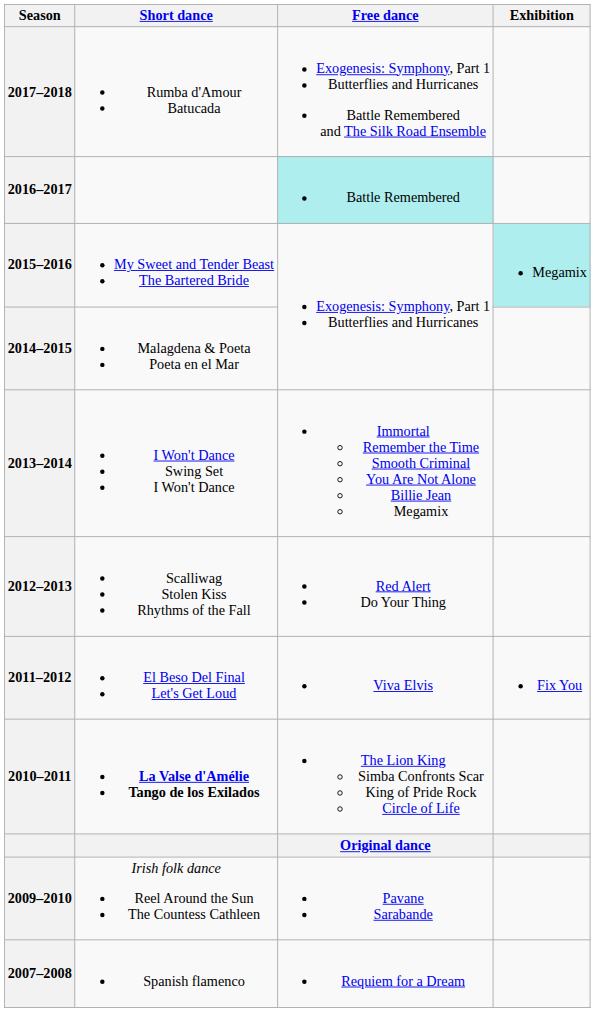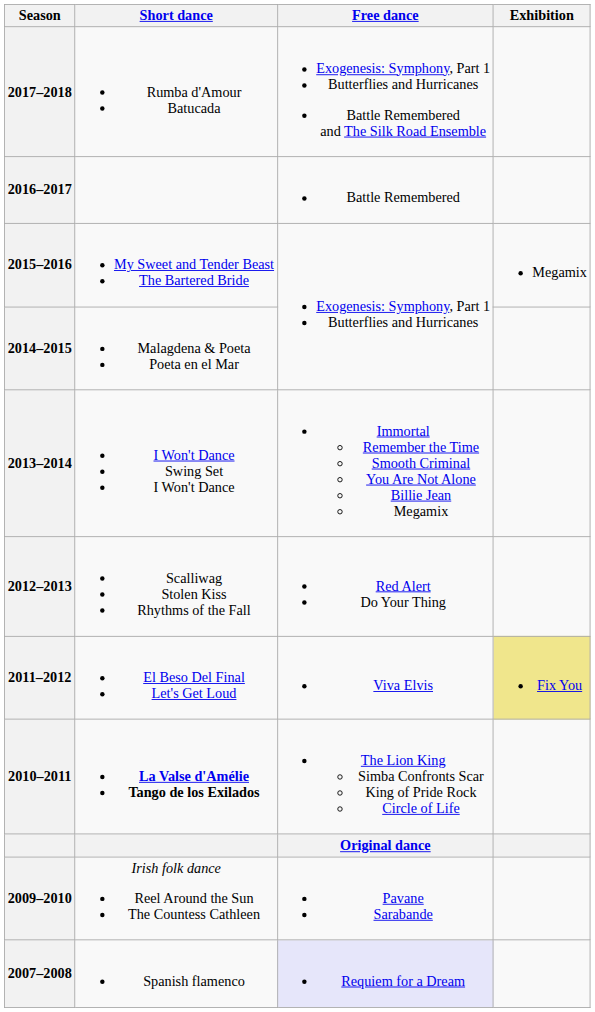 <table class="wikitable" style="text-align:center">
 <tr>
 <th>Season</th>
 <th><a href='#'>Short dance</a></th>
 <th><a href='#'>Free dance</a></th>
 <th>Exhibition</th>
 </tr>
 <tr>
 <th>2017–2018 <br></th>
 <td><br><ul><li> Rumba d'Amour <br></li><li> Batucada <br></li></ul></td>
 <td><br><ul><li><a href='#'>Exogenesis: Symphony</a>, Part 1 <br></li><li>Butterflies and Hurricanes <br></li></ul><ul><li>Battle Remembered <br> and <a href='#'>The Silk Road Ensemble</a></li></ul></td>
 <td></td>
 </tr>
 <tr>
 <th>2016–2017 <br></th>
 <td></td>
-<td style="background: paleturquoise;"><br><ul><li>Battle Remembered <br></li></ul></td>
+<td><br><ul><li>Battle Remembered <br></li></ul></td>
 <td></td>
 </tr>
 <tr>
 <th>2015–2016 <br></th>
 <td><br><ul><li> <a href='#'>My Sweet and Tender Beast</a> <br></li><li> <a href='#'>The Bartered Bride</a> <br></li></ul></td>
 <td rowspan=2><br><ul><li><a href='#'>Exogenesis: Symphony</a>, Part 1 <br></li><li>Butterflies and Hurricanes <br></li></ul></td>
-<td style="background: paleturquoise;"><br><ul><li>Megamix <br></li></ul></td>
+<td><br><ul><li>Megamix <br></li></ul></td>
 </tr>
 <tr>
 <th>2014–2015 <br></th>
 <td><br><ul><li> Malagdena & Poeta</li><li> Poeta en el Mar</li></ul></td>
 <td></td>
 </tr>
 <tr>
 <th>2013–2014 <br></th>
 <td><br><ul><li><a href='#'>I Won't Dance</a> <br></li><li>Swing Set <br></li><li>I Won't Dance <br></li></ul></td>
 <td><br><ul><li><a href='#'>Immortal</a> <br><ul><li><a href='#'>Remember the Time</a></li><li><a href='#'>Smooth Criminal</a></li><li><a href='#'>You Are Not Alone</a></li><li><a href='#'>Billie Jean</a></li><li>Megamix</li></ul></li></ul></td>
 <td></td>
 </tr>
 <tr>
 <th>2012–2013 <br></th>
 <td><br><ul><li> Scalliwag <br></li><li> Stolen Kiss <br></li><li> Rhythms of the Fall</li></ul></td>
 <td><br><ul><li><a href='#'>Red Alert</a> <br></li><li>Do Your Thing <br></li></ul></td>
 <td></td>
 </tr>
 <tr>
 <th>2011–2012 <br></th>
 <td><br><ul><li><a href='#'>El Beso Del Final</a> <br></li><li><a href='#'>Let's Get Loud</a> <br></li></ul></td>
 <td><br><ul><li><a href='#'>Viva Elvis</a> <br></li></ul></td>
-<td><br><ul><li><a href='#'>Fix You</a> <br></li></ul></td>
+<td style="background: khaki;"><br><ul><li><a href='#'>Fix You</a> <br></li></ul></td>
 </tr>
 <tr>
 <th>2010–2011 <br></th>
 <td><strong><br><ul><li><a href='#'>La Valse d'Amélie</a> <br></li><li>Tango de los Exilados <br></li></ul></strong></td>
 <td><br><ul><li><a href='#'>The Lion King</a><ul><li>Simba Confronts Scar</li><li>King of Pride Rock</li><li><a href='#'>Circle of Life</a> <br></li></ul></li></ul></td>
 <td></td>
 </tr>
 <tr>
 <th></th>
 <th></th>
 <th><a href='#'>Original dance</a></th>
 <th></th>
 </tr>
 <tr>
 <th>2009–2010 <br></th>
 <td><em>Irish folk dance</em><br><ul><li>Reel Around the Sun</li><li>The Countess Cathleen <br></li></ul></td>
 <td><br><ul><li><a href='#'>Pavane</a> <br></li><li><a href='#'>Sarabande</a> <br></li></ul></td>
 <td></td>
 </tr>
 <tr>
 <th>2007–2008 <br></th>
 <td><br><ul><li>Spanish flamenco</li></ul></td>
-<td><br><ul><li><a href='#'>Requiem for a Dream</a> <br></li></ul></td>
+<td style="background: lavender;"><br><ul><li><a href='#'>Requiem for a Dream</a> <br></li></ul></td>
 <td></td>
 </tr>
 </table>
